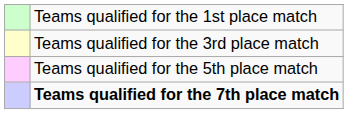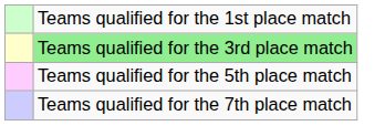 <table class="wikitable">
 <tr>
 <td bgcolor="ccffcc">    </td>
 <td>Teams qualified for the 1st place match</td>
 </tr>
 <tr>
 <td bgcolor="ffffcc">    </td>
-<td>Teams qualified for the 3rd place match</td>
+<td style="background: lightgreen;">Teams qualified for the 3rd place match</td>
 </tr>
 <tr>
 <td bgcolor="ffccff">    </td>
 <td>Teams qualified for the 5th place match</td>
 </tr>
 <tr>
 <td bgcolor="ccccff">    </td>
-<td><strong>Teams qualified for the 7th place match</strong></td>
+<td>Teams qualified for the 7th place match</td>
 </tr>
 </table>
